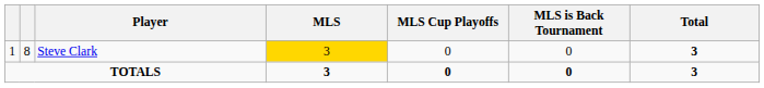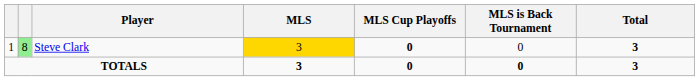 <table class="wikitable sortable" style="font-size: 90%; text-align: center;">
 <tr>
 <th width=10></th>
 <th width=10></th>
 <th width=255>Player</th>
 <th width=130>MLS</th>
 <th width=130>MLS Cup Playoffs</th>
 <th width=130>MLS is Back Tournament</th>
 <th width=140>Total</th>
 </tr>
 <tr>
 <td>1</td>
-<td>8</td>
+<td style="background: lightgreen;">8</td>
 <td align=left> <a href='#'>Steve Clark</a></td>
 <td style="background: gold;">3</td>
-<td>0</td>
+<td><strong>0</strong></td>
 <td>0</td>
 <td><strong>3</strong></td>
 </tr>
 <tr>
 <td colspan="3"><strong>TOTALS</strong></td>
 <td><strong>3</strong></td>
 <td><strong>0</strong></td>
 <td><strong>0</strong></td>
 <td><strong>3</strong></td>
 </tr>
 </table>
